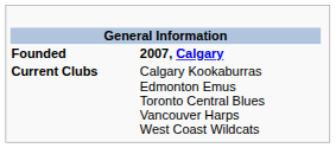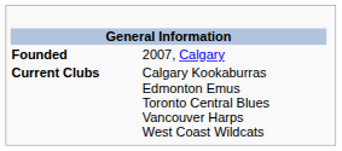 <table class="infobox" style="width: 25em; font-size: 95%;">
 <tr>
 <td align="center" colspan="2"><br></td>
 </tr>
 <tr>
 <th colspan="2" bgcolor="#b0c4de"><strong>General Information</strong></th>
 </tr>
 <tr style="vertical-align: top;">
 <td><strong>Founded</strong></td>
-<td><strong>2007, <a href='#'>Calgary</a></strong></td>
+<td>2007, <a href='#'>Calgary</a></td>
 </tr>
 <tr>
 <td><strong>Current Clubs</strong></td>
 <td>Calgary Kookaburras<br>Edmonton Emus<br>Toronto Central Blues <br>Vancouver Harps<br>West Coast Wildcats<br></td>
 <td></td>
 </tr>
 </table>
